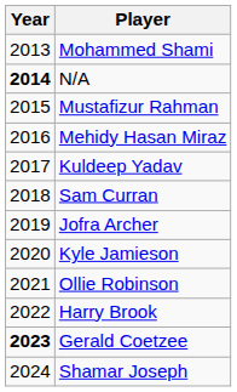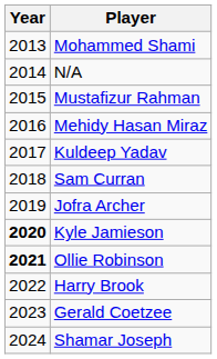 <table class="wikitable">
 <tr>
 <th>Year</th>
 <th>Player</th>
 </tr>
 <tr>
 <td>2013</td>
 <td> <a href='#'>Mohammed Shami</a></td>
 </tr>
 <tr>
-<td><strong>2014</strong></td>
+<td>2014</td>
 <td>N/A</td>
 </tr>
 <tr>
 <td>2015</td>
 <td> <a href='#'>Mustafizur Rahman</a></td>
 </tr>
 <tr>
 <td>2016</td>
 <td> <a href='#'>Mehidy Hasan Miraz</a></td>
 </tr>
 <tr>
 <td>2017</td>
 <td> <a href='#'>Kuldeep Yadav</a></td>
 </tr>
 <tr>
 <td>2018</td>
 <td> <a href='#'>Sam Curran</a></td>
 </tr>
 <tr>
 <td>2019</td>
 <td> <a href='#'>Jofra Archer</a></td>
 </tr>
 <tr>
-<td>2020</td>
+<td><strong>2020</strong></td>
 <td> <a href='#'>Kyle Jamieson</a></td>
 </tr>
 <tr>
-<td>2021</td>
+<td><strong>2021</strong></td>
 <td> <a href='#'>Ollie Robinson</a></td>
 </tr>
 <tr>
 <td>2022</td>
 <td> <a href='#'>Harry Brook</a></td>
 </tr>
 <tr>
-<td><strong>2023</strong></td>
+<td>2023</td>
 <td> <a href='#'>Gerald Coetzee</a></td>
 </tr>
 <tr>
 <td>2024</td>
 <td> <a href='#'>Shamar Joseph</a></td>
 </tr>
 </table>
